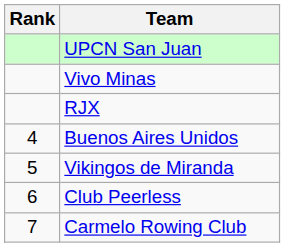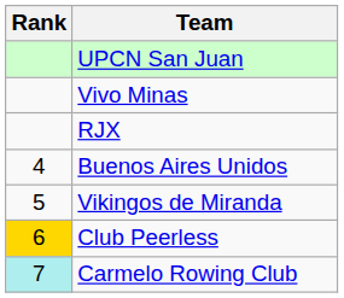 <table class="wikitable" style="text-align: center;">
 <tr>
 <th width=40>Rank</th>
 <th width=180>Team</th>
 </tr>
 <tr bgcolor=#ccffcc align=center>
 <td></td>
 <td style="text-align:left;"> <a href='#'>UPCN San Juan</a></td>
 </tr>
 <tr align=center>
 <td></td>
 <td style="text-align:left;"> <a href='#'>Vivo Minas</a></td>
 </tr>
 <tr align=center>
 <td></td>
 <td style="text-align:left;"> <a href='#'>RJX</a></td>
 </tr>
 <tr align=center>
 <td>4</td>
 <td style="text-align:left;"> <a href='#'>Buenos Aires Unidos</a></td>
 </tr>
 <tr align=center>
 <td>5</td>
 <td style="text-align:left;"> <a href='#'>Vikingos de Miranda</a></td>
 </tr>
 <tr align=center>
-<td>6</td>
+<td style="background: gold;">6</td>
 <td style="text-align:left;"> <a href='#'>Club Peerless</a></td>
 </tr>
 <tr align=center>
-<td>7</td>
+<td style="background: paleturquoise;">7</td>
 <td style="text-align:left;"> <a href='#'>Carmelo Rowing Club</a></td>
 </tr>
 </table>
